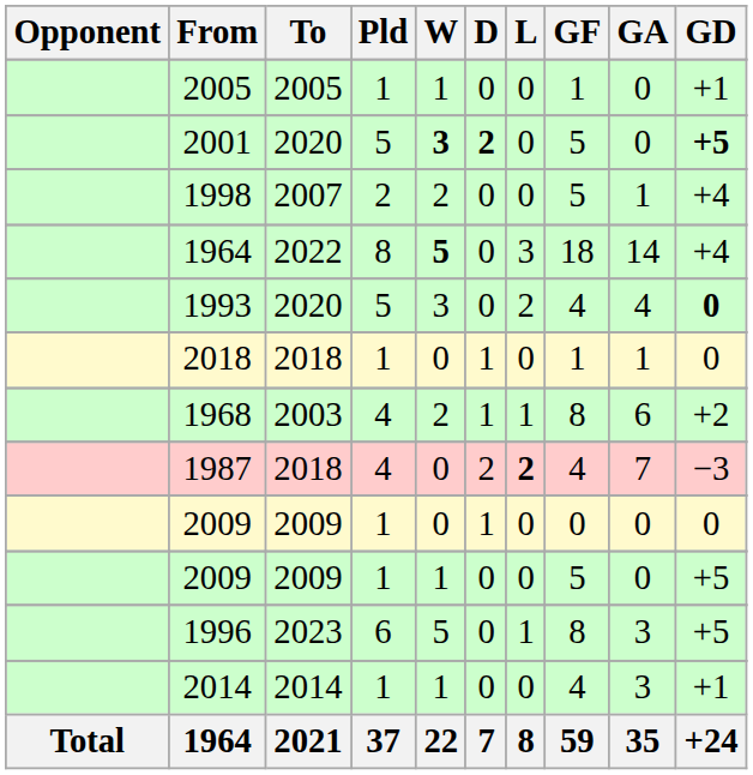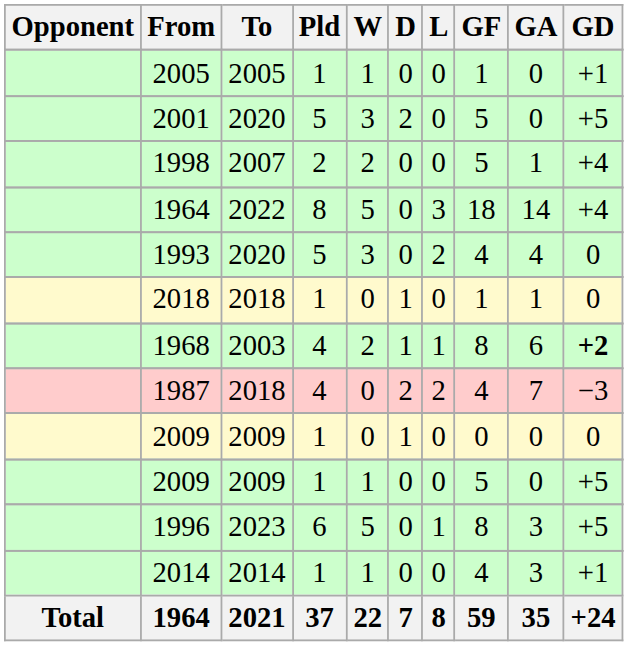 <table class="sortable wikitable collapsible collapsed" style="text-align:center;">
 <tr>
 <th>Opponent</th>
 <th>From</th>
 <th>To</th>
 <th>Pld</th>
 <th>W</th>
 <th>D</th>
 <th>L</th>
 <th>GF</th>
 <th>GA</th>
 <th>GD</th>
 </tr>
 <tr>
 </tr>
 <tr bgcolor=CCFFCC>
 <td align="left"></td>
 <td>2005</td>
 <td>2005</td>
 <td>1</td>
 <td>1</td>
 <td>0</td>
 <td>0</td>
 <td>1</td>
 <td>0</td>
 <td>+1</td>
 </tr>
 <tr>
 </tr>
 <tr bgcolor=CCFFCC>
 <td align="left"></td>
 <td>2001</td>
 <td>2020</td>
 <td>5</td>
-<td><strong>3</strong></td>
-<td><strong>2</strong></td>
+<td>3</td>
+<td>2</td>
 <td>0</td>
 <td>5</td>
 <td>0</td>
-<td><strong>+5</strong></td>
+<td>+5</td>
 </tr>
 <tr>
 </tr>
 <tr bgcolor=CCFFCC>
 <td align="left"></td>
 <td>1998</td>
 <td>2007</td>
 <td>2</td>
 <td>2</td>
 <td>0</td>
 <td>0</td>
 <td>5</td>
 <td>1</td>
 <td>+4</td>
 </tr>
 <tr>
 </tr>
 <tr bgcolor=CCFFCC>
 <td align="left"></td>
 <td>1964</td>
 <td>2022</td>
 <td>8</td>
-<td><strong>5</strong></td>
+<td>5</td>
 <td>0</td>
 <td>3</td>
 <td>18</td>
 <td>14</td>
 <td>+4</td>
 </tr>
 <tr>
 </tr>
 <tr bgcolor=CCFFCC>
 <td align="left"></td>
 <td>1993</td>
 <td>2020</td>
 <td>5</td>
 <td>3</td>
 <td>0</td>
 <td>2</td>
 <td>4</td>
 <td>4</td>
-<td><strong>0</strong></td>
+<td>0</td>
 </tr>
 <tr>
 </tr>
 <tr bgcolor=FFFACD>
 <td align="left"></td>
 <td>2018</td>
 <td>2018</td>
 <td>1</td>
 <td>0</td>
 <td>1</td>
 <td>0</td>
 <td>1</td>
 <td>1</td>
 <td>0</td>
 </tr>
 <tr>
 </tr>
 <tr bgcolor=CCFFCC>
 <td align="left"></td>
 <td>1968</td>
 <td>2003</td>
 <td>4</td>
 <td>2</td>
 <td>1</td>
 <td>1</td>
 <td>8</td>
 <td>6</td>
-<td>+2</td>
+<td><strong>+2</strong></td>
 </tr>
 <tr>
 </tr>
 <tr bgcolor=FFCCCC>
 <td align="left"></td>
 <td>1987</td>
 <td>2018</td>
 <td>4</td>
 <td>0</td>
 <td>2</td>
-<td><strong>2</strong></td>
+<td>2</td>
 <td>4</td>
 <td>7</td>
 <td>−3</td>
 </tr>
 <tr>
 </tr>
 <tr bgcolor=FFFACD>
 <td align="left"></td>
 <td>2009</td>
 <td>2009</td>
 <td>1</td>
 <td>0</td>
 <td>1</td>
 <td>0</td>
 <td>0</td>
 <td>0</td>
 <td>0</td>
 </tr>
 <tr>
 </tr>
 <tr bgcolor=CCFFCC>
 <td align="left"></td>
 <td>2009</td>
 <td>2009</td>
 <td>1</td>
 <td>1</td>
 <td>0</td>
 <td>0</td>
 <td>5</td>
 <td>0</td>
 <td>+5</td>
 </tr>
 <tr>
 </tr>
 <tr bgcolor=CCFFCC>
 <td align="left"></td>
 <td>1996</td>
 <td>2023</td>
 <td>6</td>
 <td>5</td>
 <td>0</td>
 <td>1</td>
 <td>8</td>
 <td>3</td>
 <td>+5</td>
 </tr>
 <tr>
 </tr>
 <tr bgcolor=CCFFCC>
 <td align="left"></td>
 <td>2014</td>
 <td>2014</td>
 <td>1</td>
 <td>1</td>
 <td>0</td>
 <td>0</td>
 <td>4</td>
 <td>3</td>
 <td>+1</td>
 </tr>
 <tr>
 <th><strong>Total</strong></th>
 <th>1964</th>
 <th>2021</th>
 <th>37</th>
 <th>22</th>
 <th>7</th>
 <th>8</th>
 <th>59</th>
 <th>35</th>
 <th>+24</th>
 </tr>
 </table>
